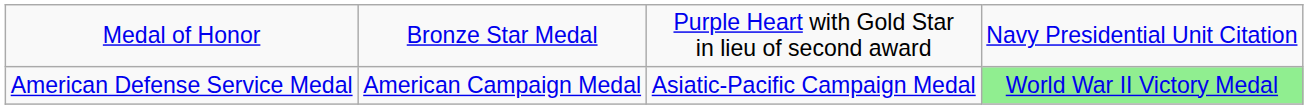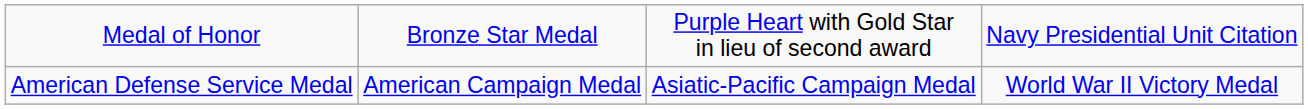 <table class="wikitable" style="margin:1em auto; text-align:center;">
 <tr>
 <td><a href='#'>Medal of Honor</a></td>
 <td><a href='#'>Bronze Star Medal</a></td>
 <td><a href='#'>Purple Heart</a> with Gold Star<br>in lieu of second award</td>
 <td><a href='#'>Navy Presidential Unit Citation</a></td>
 </tr>
 <tr>
 <td><a href='#'>American Defense Service Medal</a></td>
 <td><a href='#'>American Campaign Medal</a></td>
 <td><a href='#'>Asiatic-Pacific Campaign Medal</a></td>
-<td style="background: lightgreen;"><a href='#'>World War II Victory Medal</a></td>
+<td><a href='#'>World War II Victory Medal</a></td>
 </tr>
 </table>
